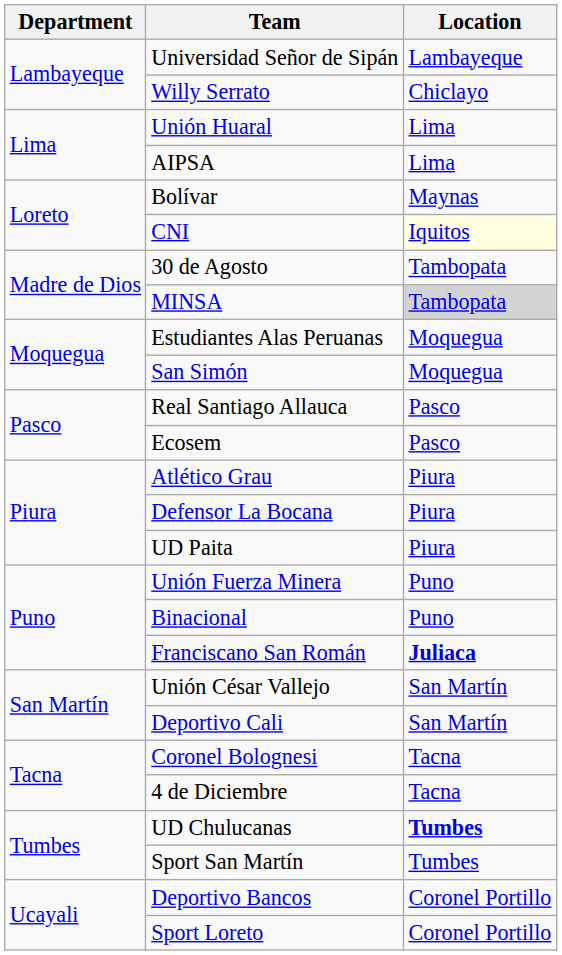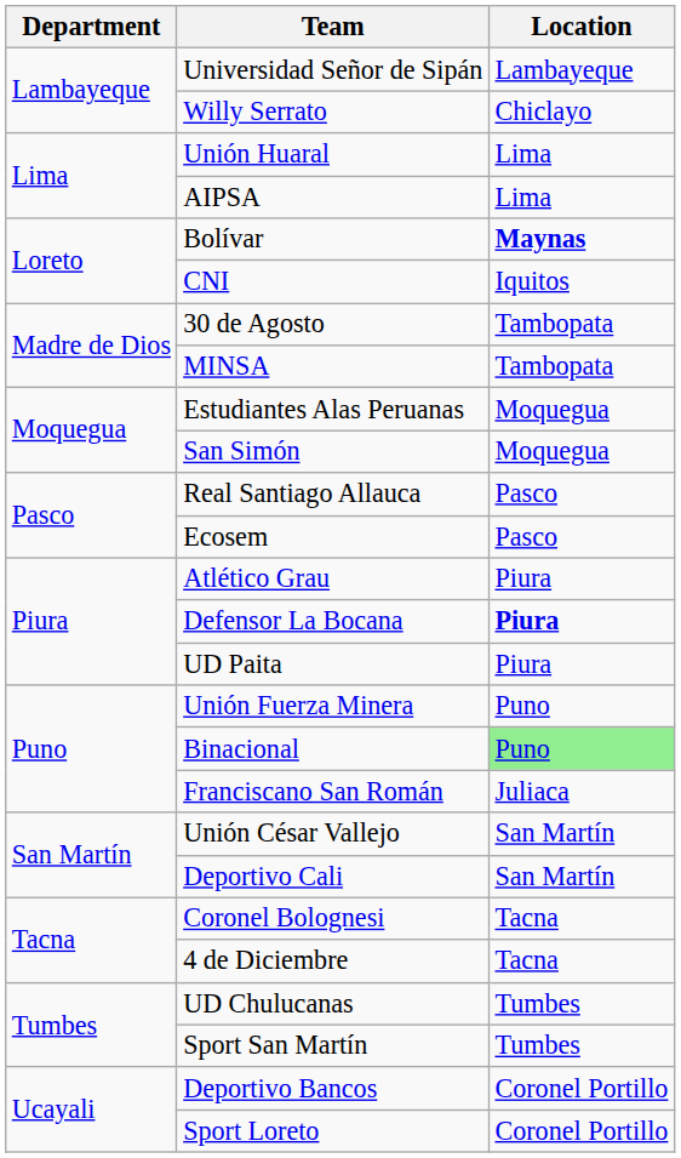 <table class="wikitable">
 <tr>
 <th>Department</th>
 <th>Team</th>
 <th>Location</th>
 </tr>
 <tr>
 <td rowspan="2"><a href='#'>Lambayeque</a></td>
 <td>Universidad Señor de Sipán</td>
 <td><a href='#'>Lambayeque</a></td>
 </tr>
 <tr>
 <td><a href='#'>Willy Serrato</a></td>
 <td><a href='#'>Chiclayo</a></td>
 </tr>
 <tr>
 <td rowspan="2"><a href='#'>Lima</a></td>
 <td><a href='#'>Unión Huaral</a></td>
 <td><a href='#'>Lima</a></td>
 </tr>
 <tr>
 <td>AIPSA</td>
 <td><a href='#'>Lima</a></td>
 </tr>
 <tr>
 <td rowspan="2"><a href='#'>Loreto</a></td>
 <td>Bolívar</td>
-<td><a href='#'>Maynas</a></td>
+<td><strong><a href='#'>Maynas</a></strong></td>
 </tr>
 <tr>
 <td><a href='#'>CNI</a></td>
-<td style="background: lightyellow;"><a href='#'>Iquitos</a></td>
+<td><a href='#'>Iquitos</a></td>
 </tr>
 <tr>
 <td rowspan="2"><a href='#'>Madre de Dios</a></td>
 <td>30 de Agosto</td>
 <td><a href='#'>Tambopata</a></td>
 </tr>
 <tr>
 <td><a href='#'>MINSA</a></td>
-<td style="background: lightgrey;"><a href='#'>Tambopata</a></td>
+<td><a href='#'>Tambopata</a></td>
 </tr>
 <tr>
 <td rowspan="2"><a href='#'>Moquegua</a></td>
 <td>Estudiantes Alas Peruanas</td>
 <td><a href='#'>Moquegua</a></td>
 </tr>
 <tr>
 <td><a href='#'>San Simón</a></td>
 <td><a href='#'>Moquegua</a></td>
 </tr>
 <tr>
 <td rowspan="2"><a href='#'>Pasco</a></td>
 <td>Real Santiago Allauca</td>
 <td><a href='#'>Pasco</a></td>
 </tr>
 <tr>
 <td>Ecosem</td>
 <td><a href='#'>Pasco</a></td>
 </tr>
 <tr>
 <td rowspan="3"><a href='#'>Piura</a></td>
 <td><a href='#'>Atlético Grau</a></td>
 <td><a href='#'>Piura</a></td>
 </tr>
 <tr>
 <td><a href='#'>Defensor La Bocana</a></td>
-<td><a href='#'>Piura</a></td>
+<td><strong><a href='#'>Piura</a></strong></td>
 </tr>
 <tr>
 <td>UD Paita</td>
 <td><a href='#'>Piura</a></td>
 </tr>
 <tr>
 <td rowspan="3"><a href='#'>Puno</a></td>
 <td><a href='#'>Unión Fuerza Minera</a></td>
 <td><a href='#'>Puno</a></td>
 </tr>
 <tr>
 <td><a href='#'>Binacional</a></td>
-<td><a href='#'>Puno</a></td>
+<td style="background: lightgreen;"><a href='#'>Puno</a></td>
 </tr>
 <tr>
 <td><a href='#'>Franciscano San Román</a></td>
-<td><strong><a href='#'>Juliaca</a></strong></td>
+<td><a href='#'>Juliaca</a></td>
 </tr>
 <tr>
 <td rowspan="2"><a href='#'>San Martín</a></td>
 <td>Unión César Vallejo</td>
 <td><a href='#'>San Martín</a></td>
 </tr>
 <tr>
 <td><a href='#'>Deportivo Cali</a></td>
 <td><a href='#'>San Martín</a></td>
 </tr>
 <tr>
 <td rowspan="2"><a href='#'>Tacna</a></td>
 <td><a href='#'>Coronel Bolognesi</a></td>
 <td><a href='#'>Tacna</a></td>
 </tr>
 <tr>
 <td>4 de Diciembre</td>
 <td><a href='#'>Tacna</a></td>
 </tr>
 <tr>
 <td rowspan="2"><a href='#'>Tumbes</a></td>
 <td>UD Chulucanas</td>
-<td><strong><a href='#'>Tumbes</a></strong></td>
+<td><a href='#'>Tumbes</a></td>
 </tr>
 <tr>
 <td>Sport San Martín</td>
 <td><a href='#'>Tumbes</a></td>
 </tr>
 <tr>
 <td rowspan="2"><a href='#'>Ucayali</a></td>
 <td><a href='#'>Deportivo Bancos</a></td>
 <td><a href='#'>Coronel Portillo</a></td>
 </tr>
 <tr>
 <td><a href='#'>Sport Loreto</a></td>
 <td><a href='#'>Coronel Portillo</a></td>
 </tr>
 </table>
